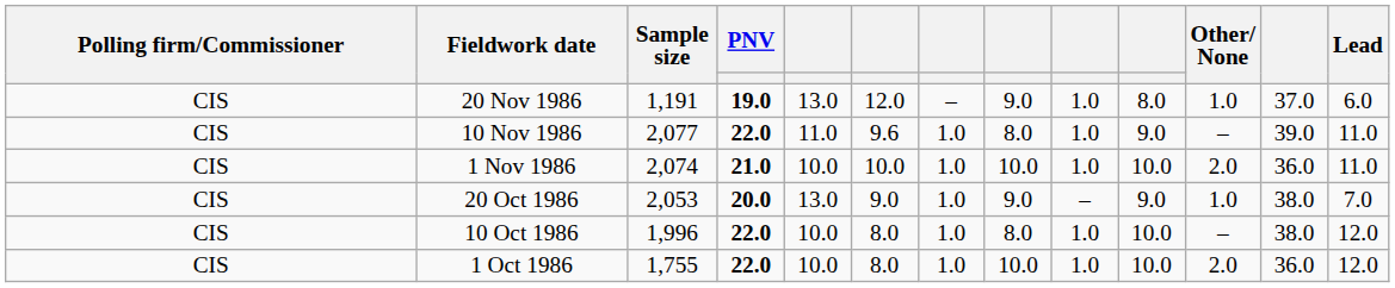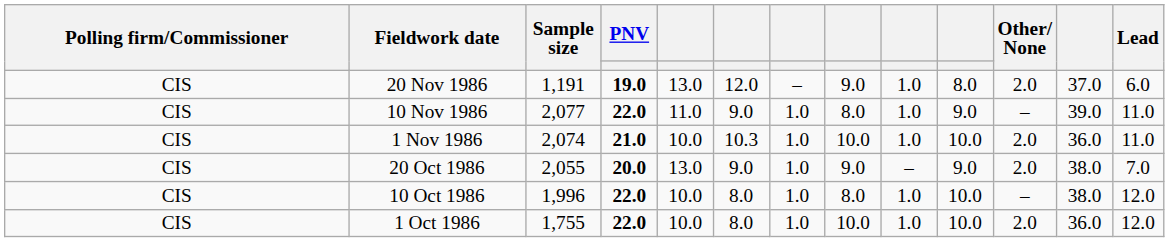 <table class="wikitable collapsible collapsed" style="text-align:center; font-size:90%; line-height:14px;">
 <tr style="height:42px;">
 <th style="width:250px;" rowspan="2">Polling firm/Commissioner</th>
 <th style="width:125px;" rowspan="2">Fieldwork date</th>
 <th style="width:50px;" rowspan="2">Sample size</th>
 <th style="width:35px;"><a href='#'>PNV</a></th>
 <th style="width:35px;"></th>
 <th style="width:35px;"></th>
 <th style="width:35px;"></th>
 <th style="width:35px;"></th>
 <th style="width:35px;"></th>
 <th style="width:35px;"></th>
 <th style="width:35px;" rowspan="2">Other/<br>None</th>
 <th style="width:35px;" rowspan="2"></th>
 <th style="width:30px;" rowspan="2">Lead</th>
 </tr>
 <tr>
 <th style="color:inherit;background:"></th>
 <th style="color:inherit;background:"></th>
 <th style="color:inherit;background:"></th>
 <th style="color:inherit;background:"></th>
 <th style="color:inherit;background:"></th>
 <th style="color:inherit;background:"></th>
 <th style="color:inherit;background:"></th>
 </tr>
 <tr>
 <td>CIS</td>
 <td>20 Nov 1986</td>
 <td>1,191</td>
 <td><strong>19.0</strong></td>
 <td>13.0</td>
 <td>12.0</td>
 <td>–</td>
 <td>9.0</td>
 <td>1.0</td>
 <td>8.0</td>
-<td>1.0</td>
+<td>2.0</td>
 <td>37.0</td>
 <td style="background:">6.0</td>
 </tr>
 <tr>
 <td>CIS</td>
 <td>10 Nov 1986</td>
 <td>2,077</td>
 <td><strong>22.0</strong></td>
 <td>11.0</td>
-<td>9.6</td>
+<td>9.0</td>
 <td>1.0</td>
 <td>8.0</td>
 <td>1.0</td>
 <td>9.0</td>
 <td>–</td>
 <td>39.0</td>
 <td style="background:">11.0</td>
 </tr>
 <tr>
 <td>CIS</td>
 <td>1 Nov 1986</td>
 <td>2,074</td>
 <td><strong>21.0</strong></td>
 <td>10.0</td>
-<td>10.0</td>
+<td>10.3</td>
 <td>1.0</td>
 <td>10.0</td>
 <td>1.0</td>
 <td>10.0</td>
 <td>2.0</td>
 <td>36.0</td>
 <td style="background:">11.0</td>
 </tr>
 <tr>
 <td>CIS</td>
 <td>20 Oct 1986</td>
-<td>2,053</td>
+<td>2,055</td>
 <td><strong>20.0</strong></td>
 <td>13.0</td>
 <td>9.0</td>
 <td>1.0</td>
 <td>9.0</td>
 <td>–</td>
 <td>9.0</td>
-<td>1.0</td>
+<td>2.0</td>
 <td>38.0</td>
 <td style="background:">7.0</td>
 </tr>
 <tr>
 <td>CIS</td>
 <td>10 Oct 1986</td>
 <td>1,996</td>
 <td><strong>22.0</strong></td>
 <td>10.0</td>
 <td>8.0</td>
 <td>1.0</td>
 <td>8.0</td>
 <td>1.0</td>
 <td>10.0</td>
 <td>–</td>
 <td>38.0</td>
 <td style="background:">12.0</td>
 </tr>
 <tr>
 <td>CIS</td>
 <td>1 Oct 1986</td>
 <td>1,755</td>
 <td><strong>22.0</strong></td>
 <td>10.0</td>
 <td>8.0</td>
 <td>1.0</td>
 <td>10.0</td>
 <td>1.0</td>
 <td>10.0</td>
 <td>2.0</td>
 <td>36.0</td>
 <td style="background:">12.0</td>
 </tr>
 </table>
